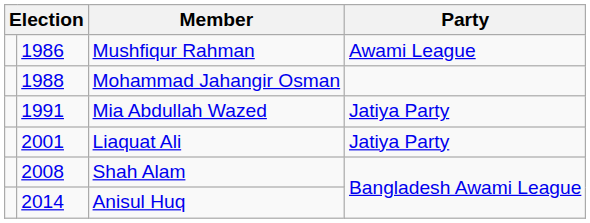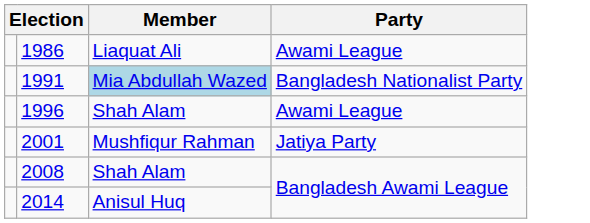 <table class="wikitable">
 <tr>
 <th colspan="2">Election</th>
 <th>Member</th>
 <th>Party</th>
 </tr>
 <tr>
 <td style="background-color:"></td>
 <td><a href='#'>1986</a></td>
-<td><a href='#'>Mushfiqur Rahman</a></td>
+<td><a href='#'>Liaquat Ali</a></td>
 <td><a href='#'>Awami League</a></td>
-</tr>
-<tr>
-<td></td>
-<td><a href='#'>1988</a></td>
-<td><a href='#'>Mohammad Jahangir Osman</a></td>
-<td></td>
 </tr>
 <tr>
 <td style="background-color:"></td>
 <td><a href='#'>1991</a></td>
-<td><a href='#'>Mia Abdullah Wazed</a></td>
-<td><a href='#'>Jatiya Party</a></td>
+<td style="background: lightblue;"><a href='#'>Mia Abdullah Wazed</a></td>
+<td><a href='#'>Bangladesh Nationalist Party</a></td>
+</tr>
+<tr>
+<td style="background-color:"></td>
+<td><a href='#'>1996</a></td>
+<td><a href='#'>Shah Alam</a></td>
+<td><a href='#'>Awami League</a></td>
 </tr>
 <tr>
 <td style="background-color:"></td>
 <td><a href='#'>2001</a></td>
-<td><a href='#'>Liaquat Ali</a></td>
+<td><a href='#'>Mushfiqur Rahman</a></td>
 <td><a href='#'>Jatiya Party</a></td>
 </tr>
 <tr>
 <td style="background-color:"></td>
 <td><a href='#'>2008</a></td>
 <td><a href='#'>Shah Alam</a></td>
 <td rowspan="2"><a href='#'>Bangladesh Awami League</a></td>
 </tr>
 <tr>
 <td rowspan="3" style="background-color:"></td>
 <td><a href='#'>2014</a></td>
 <td><a href='#'>Anisul Huq</a></td>
 </tr>
 </table>
